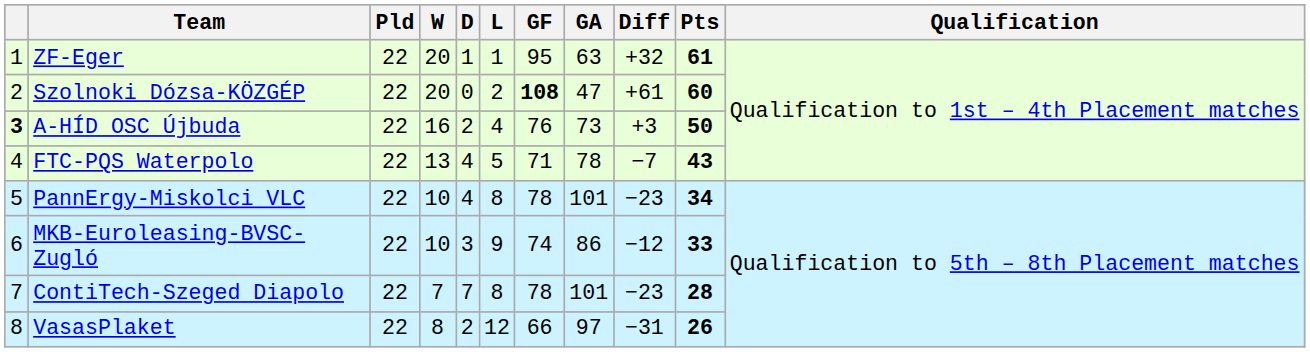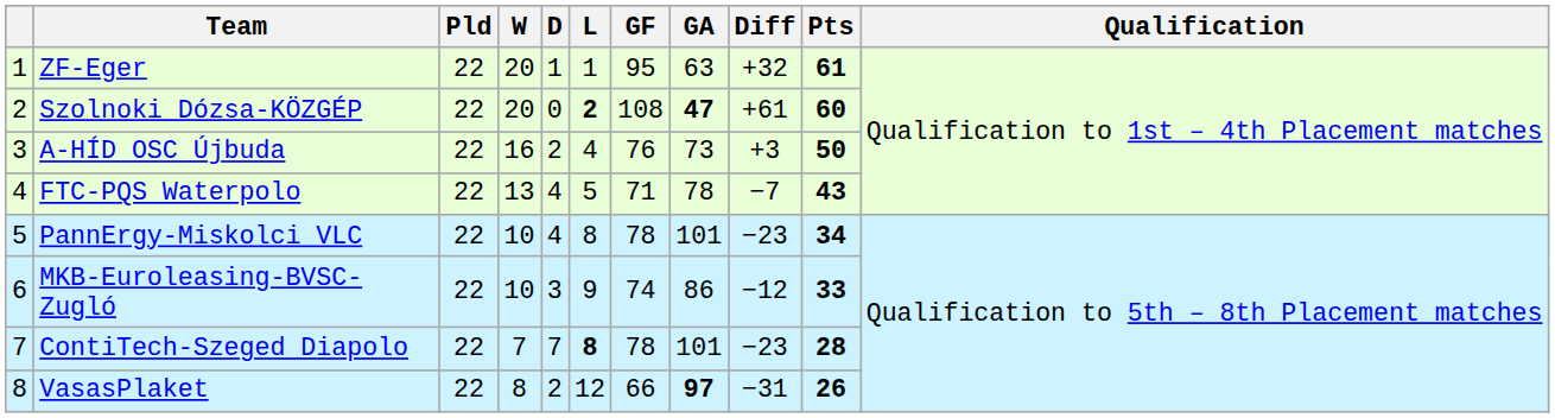 <table class="wikitable sortable" style="text-align:center">
 <tr>
 <th></th>
 <th width="200">Team</th>
 <th>Pld</th>
 <th>W</th>
 <th>D</th>
 <th>L</th>
 <th>GF</th>
 <th>GA</th>
 <th>Diff</th>
 <th>Pts</th>
 <th>Qualification</th>
 </tr>
 <tr style="background:#E8FFD8;">
 <td>1</td>
 <td align=left> <a href='#'>ZF-Eger</a></td>
 <td>22</td>
 <td>20</td>
 <td>1</td>
 <td>1</td>
 <td>95</td>
 <td>63</td>
 <td>+32</td>
 <td><strong>61</strong></td>
 <td rowspan="4">Qualification to <a href='#'>1st – 4th Placement matches</a></td>
 </tr>
 <tr style="background:#E8FFD8;">
 <td>2</td>
 <td align=left> <a href='#'>Szolnoki Dózsa-KÖZGÉP</a></td>
 <td>22</td>
 <td>20</td>
 <td>0</td>
-<td>2</td>
-<td><strong>108</strong></td>
-<td>47</td>
+<td><strong>2</strong></td>
+<td>108</td>
+<td><strong>47</strong></td>
 <td>+61</td>
 <td><strong>60</strong></td>
 </tr>
 <tr style="background:#E8FFD8;">
-<td><strong>3</strong></td>
+<td>3</td>
 <td align=left> <a href='#'>A-HÍD OSC Újbuda</a></td>
 <td>22</td>
 <td>16</td>
 <td>2</td>
 <td>4</td>
 <td>76</td>
 <td>73</td>
 <td>+3</td>
 <td><strong>50</strong></td>
 </tr>
 <tr style="background:#E8FFD8;">
 <td>4</td>
 <td align=left> <a href='#'>FTC-PQS Waterpolo</a></td>
 <td>22</td>
 <td>13</td>
 <td>4</td>
 <td>5</td>
 <td>71</td>
 <td>78</td>
 <td>−7</td>
 <td><strong>43</strong></td>
 </tr>
 <tr style="background: #CCF3FF;">
 <td>5</td>
 <td align=left> <a href='#'>PannErgy-Miskolci VLC</a></td>
 <td>22</td>
 <td>10</td>
 <td>4</td>
 <td>8</td>
 <td>78</td>
 <td>101</td>
 <td>−23</td>
 <td><strong>34</strong></td>
 <td rowspan="4">Qualification to <a href='#'>5th – 8th Placement matches</a></td>
 </tr>
 <tr style="background: #CCF3FF;">
 <td>6</td>
 <td align=left> <a href='#'>MKB-Euroleasing-BVSC-Zugló</a></td>
 <td>22</td>
 <td>10</td>
 <td>3</td>
 <td>9</td>
 <td>74</td>
 <td>86</td>
 <td>−12</td>
 <td><strong>33</strong></td>
 </tr>
 <tr style="background: #CCF3FF;">
 <td>7</td>
 <td align=left> <a href='#'>ContiTech-Szeged Diapolo</a></td>
 <td>22</td>
 <td>7</td>
 <td>7</td>
-<td>8</td>
+<td><strong>8</strong></td>
 <td>78</td>
 <td>101</td>
 <td>−23</td>
 <td><strong>28</strong></td>
 </tr>
 <tr style="background: #CCF3FF;">
 <td>8</td>
 <td align=left> <a href='#'>VasasPlaket</a></td>
 <td>22</td>
 <td>8</td>
 <td>2</td>
 <td>12</td>
 <td>66</td>
-<td>97</td>
+<td><strong>97</strong></td>
 <td>−31</td>
 <td><strong>26</strong></td>
 </tr>
 </table>
